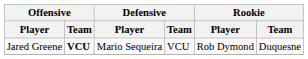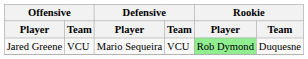 <table class="wikitable">
 <tr>
 <th colspan="2">Offensive</th>
 <th colspan="2">Defensive</th>
 <th colspan="2">Rookie</th>
 </tr>
 <tr>
 <th>Player</th>
 <th>Team</th>
 <th>Player</th>
 <th>Team</th>
 <th>Player</th>
 <th>Team</th>
 </tr>
 <tr>
 <td>Jared Greene</td>
-<td><strong>VCU</strong></td>
+<td>VCU</td>
 <td>Mario Sequeira</td>
 <td>VCU</td>
-<td>Rob Dymond</td>
+<td style="background: lightgreen;">Rob Dymond</td>
 <td>Duquesne</td>
 </tr>
 <tr>
 </tr>
 </table>
